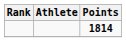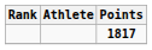 <table class=wikitable style="text-align:center;">
 <tr>
 <th>Rank</th>
 <th>Athlete</th>
 <th>Points</th>
 </tr>
 <tr>
 <td></td>
 <td align=left></td>
-<td><strong>1814</strong></td>
+<td><strong>1817</strong></td>
 </tr>
 <tr>
 </tr>
 </table>
